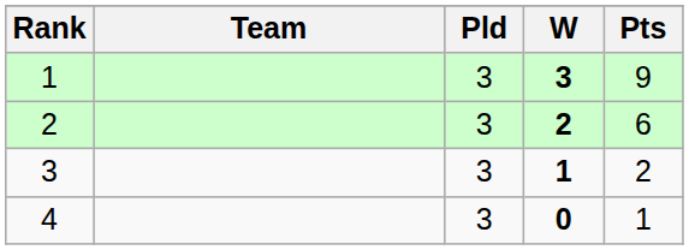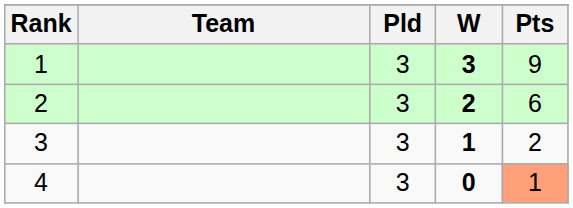 <table class="wikitable">
 <tr>
 </tr>
 <tr>
 <th style="width:35px;">Rank</th>
 <th style="width:180px;">Team</th>
 <th style="width:35px;">Pld</th>
 <th style="width:35px;">W</th>
 <th style="width:35px;">Pts</th>
 </tr>
 <tr bgcolor=#ccffcc>
 <td align=center>1</td>
 <td></td>
 <td align=center>3</td>
 <td align=center><strong>3</strong></td>
 <td align=center>9</td>
 </tr>
 <tr bgcolor=#ccffcc>
 <td align=center>2</td>
 <td></td>
 <td align=center>3</td>
 <td align=center><strong>2</strong></td>
 <td align=center>6</td>
 </tr>
 <tr>
 <td align=center>3</td>
 <td></td>
 <td align=center>3</td>
 <td align=center><strong>1</strong></td>
 <td align=center>2</td>
 </tr>
 <tr>
 <td align=center>4</td>
 <td></td>
 <td align=center>3</td>
 <td align=center><strong>0</strong></td>
-<td align=center>1</td>
+<td align=center style="background: lightsalmon;">1</td>
 </tr>
 </table>
